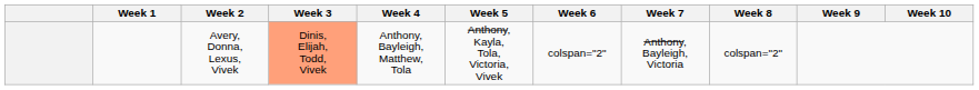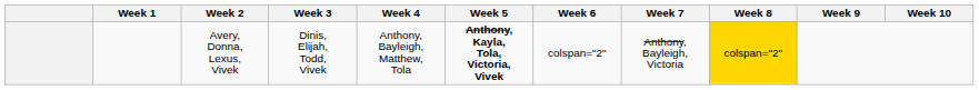 <table class="wikitable" style="text-align:center; font-size:90%; width:100%; line-height:15px;">
 <tr>
 <th style="width:7%"></th>
 <th style="width:7%">Week 1</th>
 <th style="width:7%">Week 2</th>
 <th style="width:7%">Week 3</th>
 <th style="width:7%">Week 4</th>
 <th style="width:7%">Week 5</th>
 <th style="width:7%">Week 6</th>
 <th style="width:7%">Week 7</th>
 <th style="width:7%">Week 8</th>
 <th style="width:7%">Week 9</th>
 <th style="width:7%">Week 10</th>
 </tr>
 <tr>
 <th></th>
 <td></td>
 <td>Avery,<br>Donna,<br>Lexus,<br>Vivek</td>
-<td style="background: lightsalmon;">Dinis,<br>Elijah,<br>Todd,<br>Vivek</td>
+<td>Dinis,<br>Elijah,<br>Todd,<br>Vivek</td>
 <td>Anthony,<br>Bayleigh,<br> Matthew,<br>Tola</td>
-<td><s>Anthony</s>,<br>Kayla,<br>Tola,<br>Victoria,<br>Vivek</td>
+<td><strong><s>Anthony</s>,<br>Kayla,<br>Tola,<br>Victoria,<br>Vivek</strong></td>
 <td>colspan="2"</td>
 <td><s></s><s>Anthony</s>,<br> Bayleigh,<br>Victoria</td>
-<td>colspan="2"</td>
+<td style="background: gold;">colspan="2"</td>
 </tr>
 </table>
